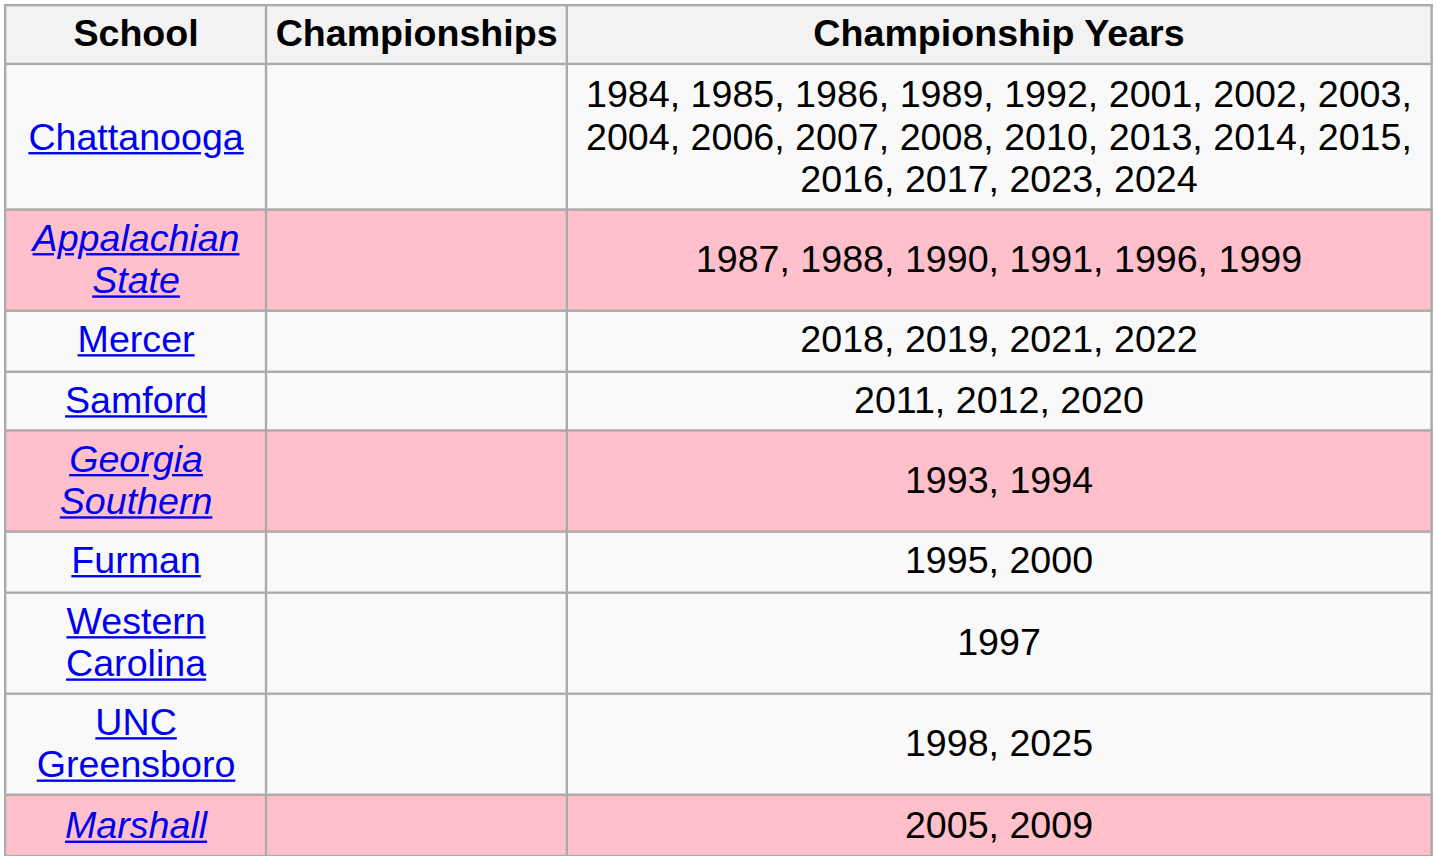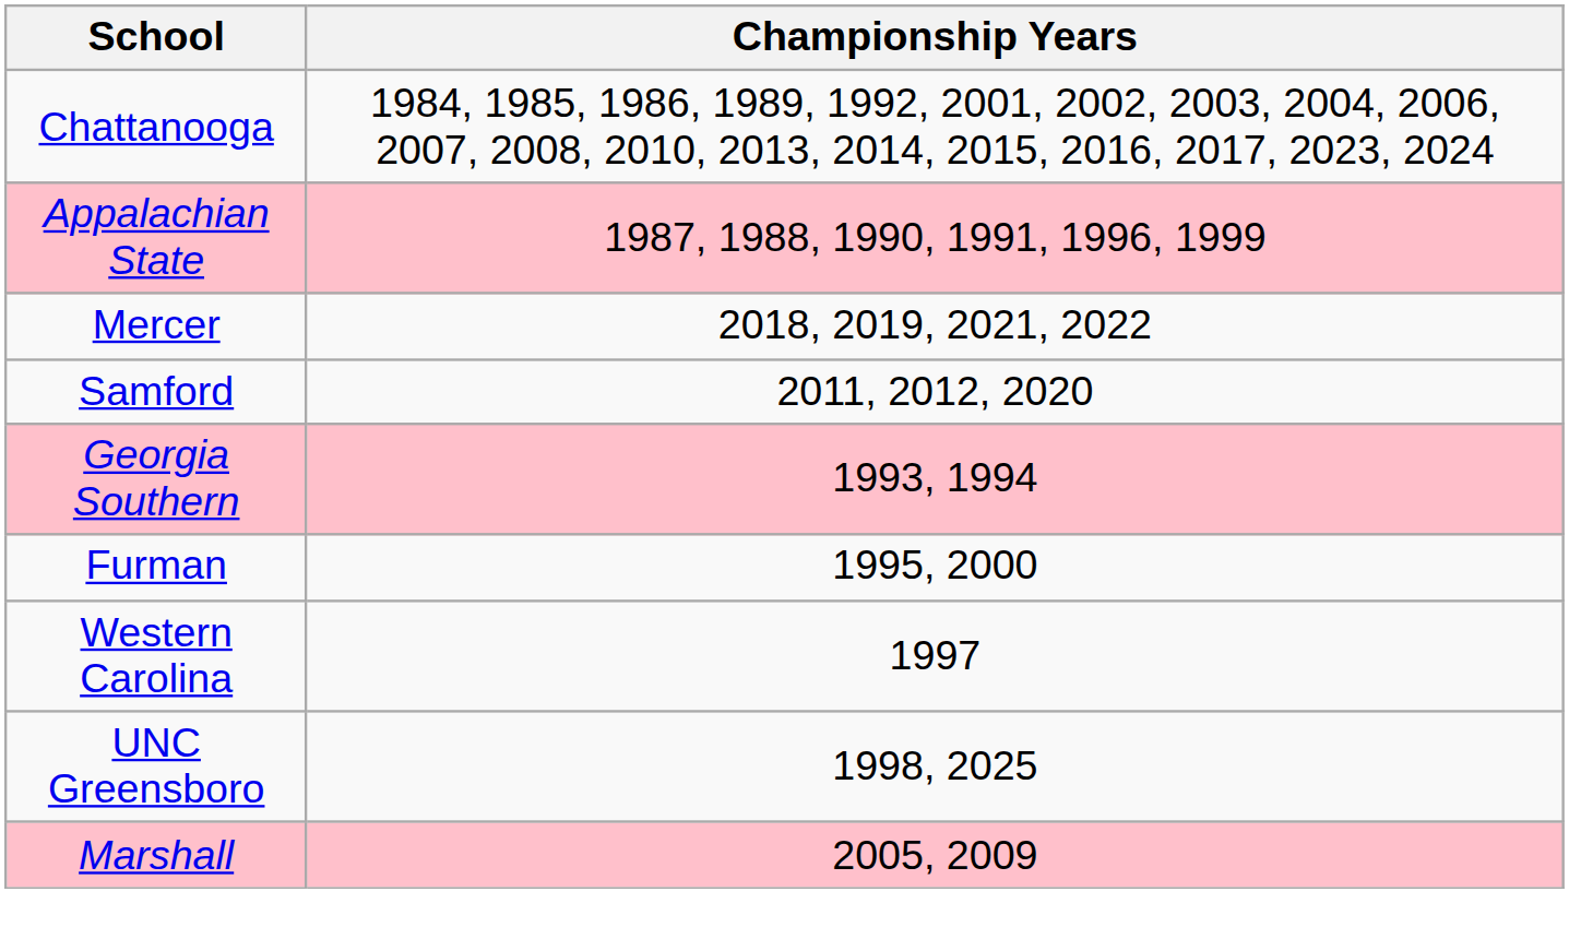 <table class="wikitable sortable" style="text-align:center">
 <tr>
 <th width=px>School</th>
-<th width=px>Championships</th>
 <th width=px>Championship Years</th>
 </tr>
 <tr>
 <td><a href='#'>Chattanooga</a></td>
-<td></td>
 <td>1984, 1985, 1986, 1989, 1992, 2001, 2002, 2003, 2004, 2006, 2007, 2008, 2010, 2013, 2014, 2015, 2016, 2017, 2023, 2024</td>
 </tr>
 <tr bgcolor=pink>
 <td><em><a href='#'>Appalachian State</a></em></td>
-<td></td>
 <td>1987, 1988, 1990, 1991, 1996, 1999</td>
 </tr>
 <tr>
 <td><a href='#'>Mercer</a></td>
-<td></td>
 <td>2018, 2019, 2021, 2022</td>
 </tr>
 <tr>
 <td><a href='#'>Samford</a></td>
-<td></td>
 <td>2011, 2012, 2020</td>
 </tr>
 <tr bgcolor=pink>
 <td><em><a href='#'>Georgia Southern</a></em></td>
-<td></td>
 <td>1993, 1994</td>
 </tr>
 <tr>
 <td><a href='#'>Furman</a></td>
-<td></td>
 <td>1995, 2000</td>
 </tr>
 <tr>
 <td><a href='#'>Western Carolina</a></td>
-<td></td>
 <td>1997</td>
 </tr>
 <tr>
 <td><a href='#'>UNC Greensboro</a></td>
-<td></td>
 <td>1998, 2025</td>
 </tr>
 <tr bgcolor=pink>
 <td><em><a href='#'>Marshall</a></em></td>
-<td></td>
 <td>2005, 2009</td>
 </tr>
 </table>
